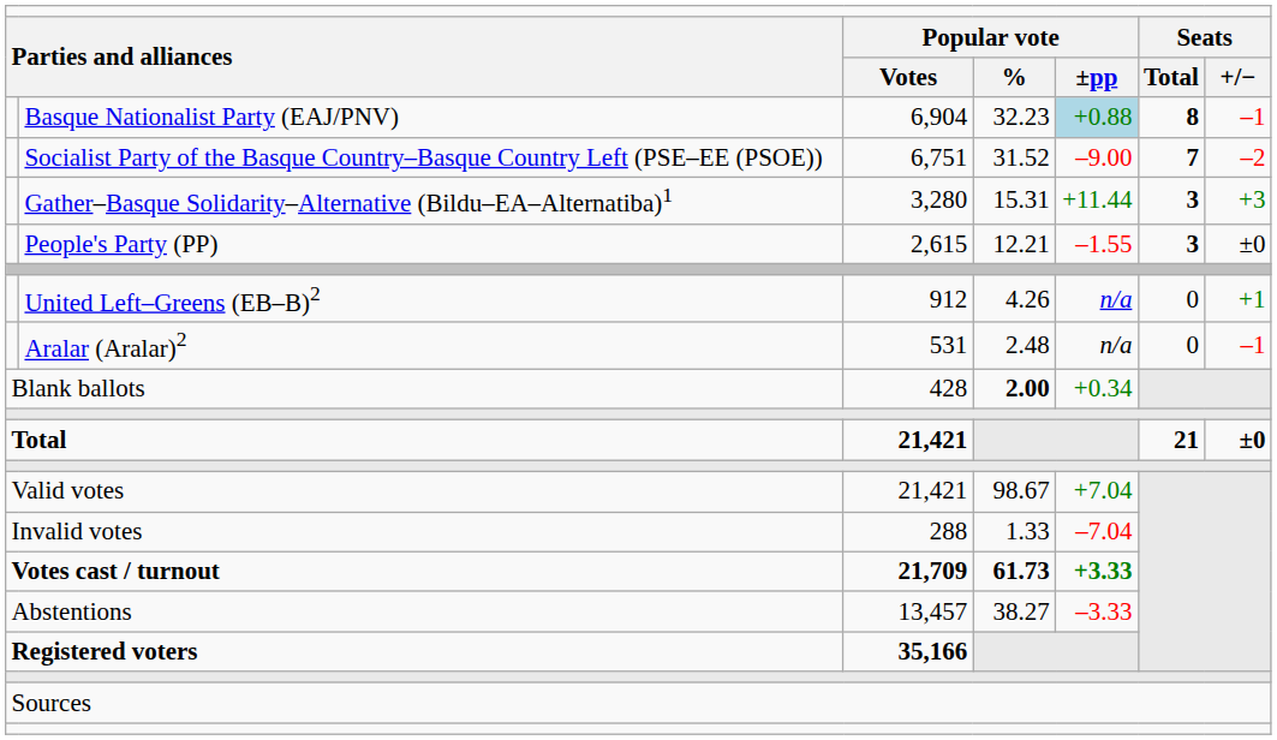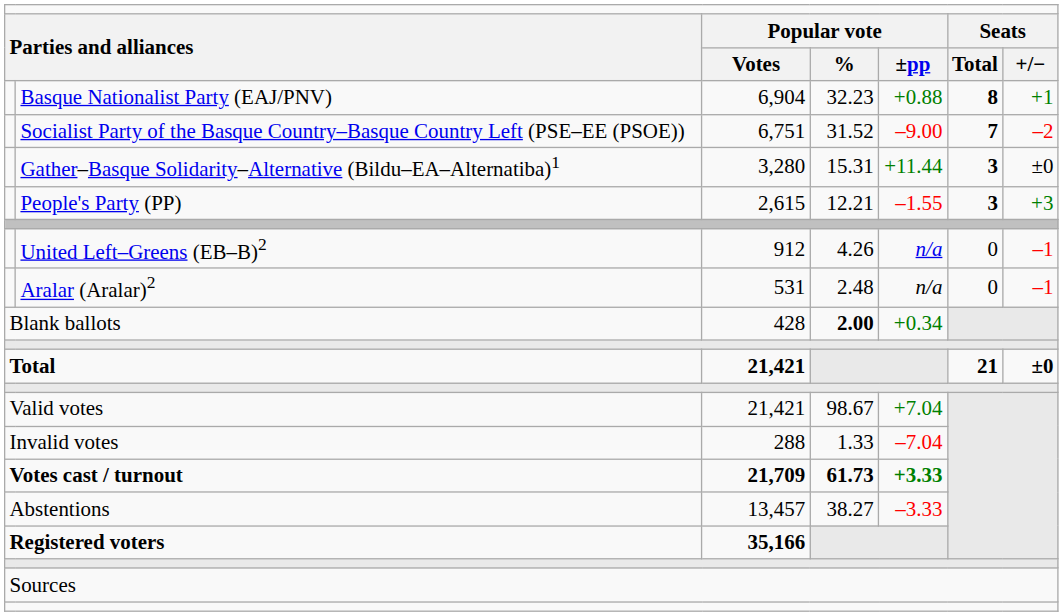 <table class="wikitable" style="text-align:right;">
 <tr>
 <td colspan="7"></td>
 </tr>
 <tr>
 <th style="text-align:left;" rowspan="2" colspan="2" width="525">Parties and alliances</th>
 <th colspan="3">Popular vote</th>
 <th colspan="2">Seats</th>
 </tr>
 <tr>
 <th width="75">Votes</th>
 <th width="45">%</th>
 <th width="45">±<a href='#'>pp</a></th>
 <th width="35">Total</th>
 <th width="35">+/−</th>
 </tr>
 <tr>
 <td width="1" style="color:inherit;background:"></td>
 <td align="left"><a href='#'>Basque Nationalist Party</a> (EAJ/PNV)</td>
 <td>6,904</td>
 <td>32.23</td>
-<td style="background: lightblue; color:green;">+0.88</td>
+<td style="color:green;">+0.88</td>
 <td><strong>8</strong></td>
-<td style="color:red;">–1</td>
+<td style="color:green;">+1</td>
 </tr>
 <tr>
 <td style="color:inherit;background:"></td>
 <td align="left"><a href='#'>Socialist Party of the Basque Country–Basque Country Left</a> (PSE–EE (PSOE))</td>
 <td>6,751</td>
 <td>31.52</td>
 <td style="color:red;">–9.00</td>
 <td><strong>7</strong></td>
 <td style="color:red;">–2</td>
 </tr>
 <tr>
 <td style="color:inherit;background:"></td>
 <td align="left"><a href='#'>Gather</a>–<a href='#'>Basque Solidarity</a>–<a href='#'>Alternative</a> (Bildu–EA–Alternatiba)<sup>1</sup></td>
 <td>3,280</td>
 <td>15.31</td>
 <td style="color:green;">+11.44</td>
 <td><strong>3</strong></td>
-<td style="color:green;">+3</td>
+<td>±0</td>
 </tr>
 <tr>
 <td style="color:inherit;background:"></td>
 <td align="left"><a href='#'>People's Party</a> (PP)</td>
 <td>2,615</td>
 <td>12.21</td>
 <td style="color:red;">–1.55</td>
 <td><strong>3</strong></td>
-<td>±0</td>
+<td style="color:green;">+3</td>
 </tr>
 <tr>
 <td colspan="7" bgcolor="#C0C0C0"></td>
 </tr>
 <tr>
 <td style="color:inherit;background:"></td>
 <td align="left"><a href='#'>United Left–Greens</a> (EB–B)<sup>2</sup></td>
 <td>912</td>
 <td>4.26</td>
 <td><em><a href='#'>n/a</a></em></td>
 <td>0</td>
-<td style="color:green;">+1</td>
+<td style="color:red;">–1</td>
 </tr>
 <tr>
 <td style="color:inherit;background:"></td>
 <td align="left"><a href='#'>Aralar</a> (Aralar)<sup>2</sup></td>
 <td>531</td>
 <td>2.48</td>
 <td><em>n/a</em></td>
 <td>0</td>
 <td style="color:red;">–1</td>
 </tr>
 <tr>
 <td align="left" colspan="2">Blank ballots</td>
 <td>428</td>
 <td><strong>2.00</strong></td>
 <td style="color:green;">+0.34</td>
 <td bgcolor="#E9E9E9" colspan="2"></td>
 </tr>
 <tr>
 <td colspan="7" bgcolor="#E9E9E9"></td>
 </tr>
 <tr style="font-weight:bold;">
 <td align="left" colspan="2">Total</td>
 <td>21,421</td>
 <td bgcolor="#E9E9E9" colspan="2"></td>
 <td>21</td>
 <td>±0</td>
 </tr>
 <tr>
 <td colspan="7" bgcolor="#E9E9E9"></td>
 </tr>
 <tr>
 <td align="left" colspan="2">Valid votes</td>
 <td>21,421</td>
 <td>98.67</td>
 <td style="color:green;">+7.04</td>
 <td bgcolor="#E9E9E9" colspan="2" rowspan="5"></td>
 </tr>
 <tr>
 <td align="left" colspan="2">Invalid votes</td>
 <td>288</td>
 <td>1.33</td>
 <td style="color:red;">–7.04</td>
 </tr>
 <tr style="font-weight:bold;">
 <td align="left" colspan="2">Votes cast / turnout</td>
 <td>21,709</td>
 <td>61.73</td>
 <td style="color:green;">+3.33</td>
 </tr>
 <tr>
 <td align="left" colspan="2">Abstentions</td>
 <td>13,457</td>
 <td>38.27</td>
 <td style="color:red;">–3.33</td>
 </tr>
 <tr style="font-weight:bold;">
 <td align="left" colspan="2">Registered voters</td>
 <td>35,166</td>
 <td bgcolor="#E9E9E9" colspan="2"></td>
 </tr>
 <tr>
 <td colspan="7" bgcolor="#E9E9E9"></td>
 </tr>
 <tr>
 <td align="left" colspan="7">Sources</td>
 </tr>
 <tr>
 <td colspan="7" style="text-align:left; max-width:790px;"></td>
 </tr>
 </table>
